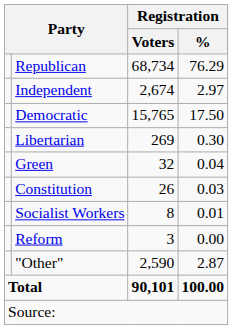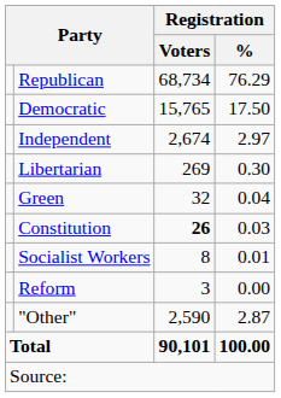 <table class="wikitable">
 <tr>
 <th colspan="2" rowspan="2">Party</th>
 <th colspan="2">Registration</th>
 </tr>
 <tr>
 <th>Voters</th>
 <th>%</th>
 </tr>
 <tr>
 <td style="background-color:"></td>
 <td><a href='#'>Republican</a></td>
 <td style="text-align:right;">68,734</td>
 <td style="text-align:right;">76.29</td>
 </tr>
 <tr>
 <td style="background-color:"></td>
+<td><a href='#'>Democratic</a></td>
+<td style="text-align:right;">15,765</td>
+<td style="text-align:right;">17.50</td>
+</tr>
+<tr>
+<td style="background-color:"></td>
 <td><a href='#'>Independent</a></td>
 <td style="text-align:right;">2,674</td>
 <td style="text-align:right;">2.97</td>
-</tr>
-<tr>
-<td style="background-color:"></td>
-<td><a href='#'>Democratic</a></td>
-<td style="text-align:right;">15,765</td>
-<td style="text-align:right;">17.50</td>
 </tr>
 <tr>
 <td style="background-color:"></td>
 <td><a href='#'>Libertarian</a></td>
 <td style="text-align:right;">269</td>
 <td style="text-align:right;">0.30</td>
 </tr>
 <tr>
 <td style="background-color:"></td>
 <td><a href='#'>Green</a></td>
 <td style="text-align:right;">32</td>
 <td style="text-align:right;">0.04</td>
 </tr>
 <tr>
 <td style="background-color:"></td>
 <td><a href='#'>Constitution</a></td>
-<td style="text-align:right;">26</td>
+<td style="text-align:right;"><strong>26</strong></td>
 <td style="text-align:right;">0.03</td>
 </tr>
 <tr>
 <td style="background-color:"></td>
 <td><a href='#'>Socialist Workers</a></td>
 <td style="text-align:right;">8</td>
 <td style="text-align:right;">0.01</td>
 </tr>
 <tr>
 <td style="background-color:"></td>
 <td><a href='#'>Reform</a></td>
 <td style="text-align:right;">3</td>
 <td style="text-align:right;">0.00</td>
 </tr>
 <tr>
 <td></td>
 <td>"Other"</td>
 <td style="text-align:right;">2,590</td>
 <td style="text-align:right;">2.87</td>
 </tr>
 <tr>
 <td colspan="2"><strong>Total</strong></td>
 <td style="text-align:right;"><strong>90,101</strong></td>
 <td style="text-align:right;"><strong>100.00</strong></td>
 </tr>
 <tr>
 <td colspan="4">Source: <em></em></td>
 </tr>
 </table>
